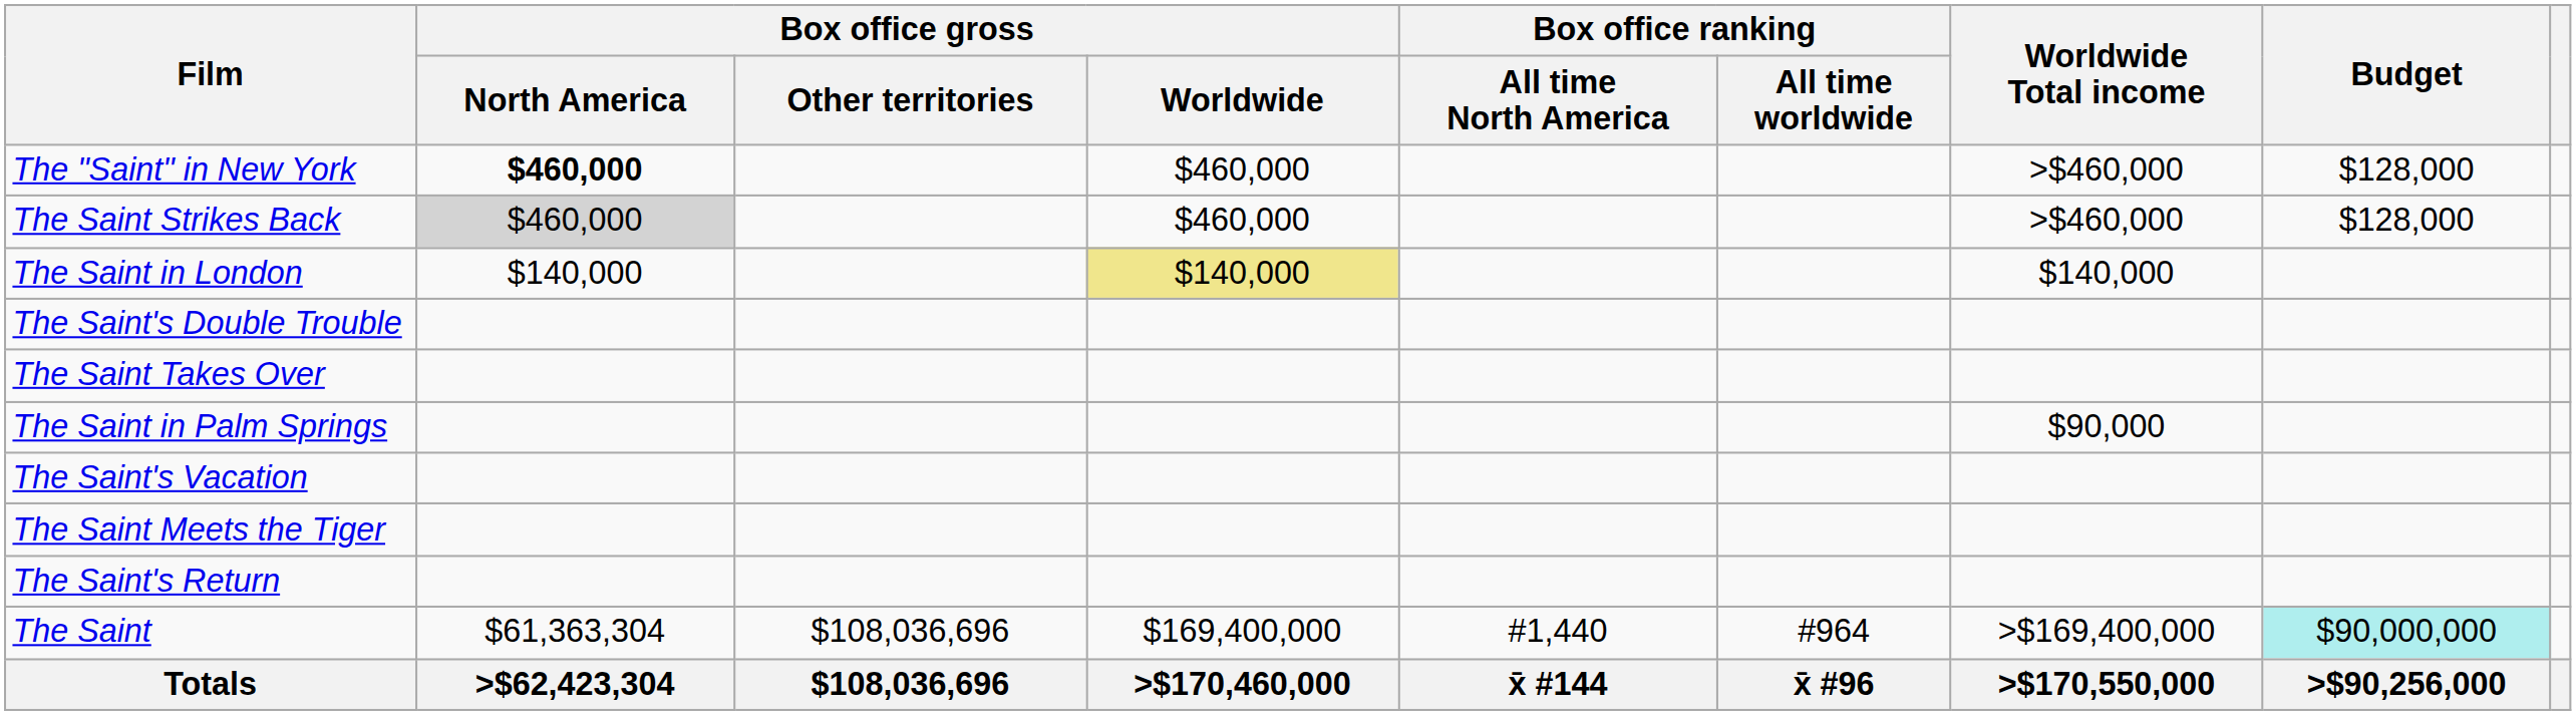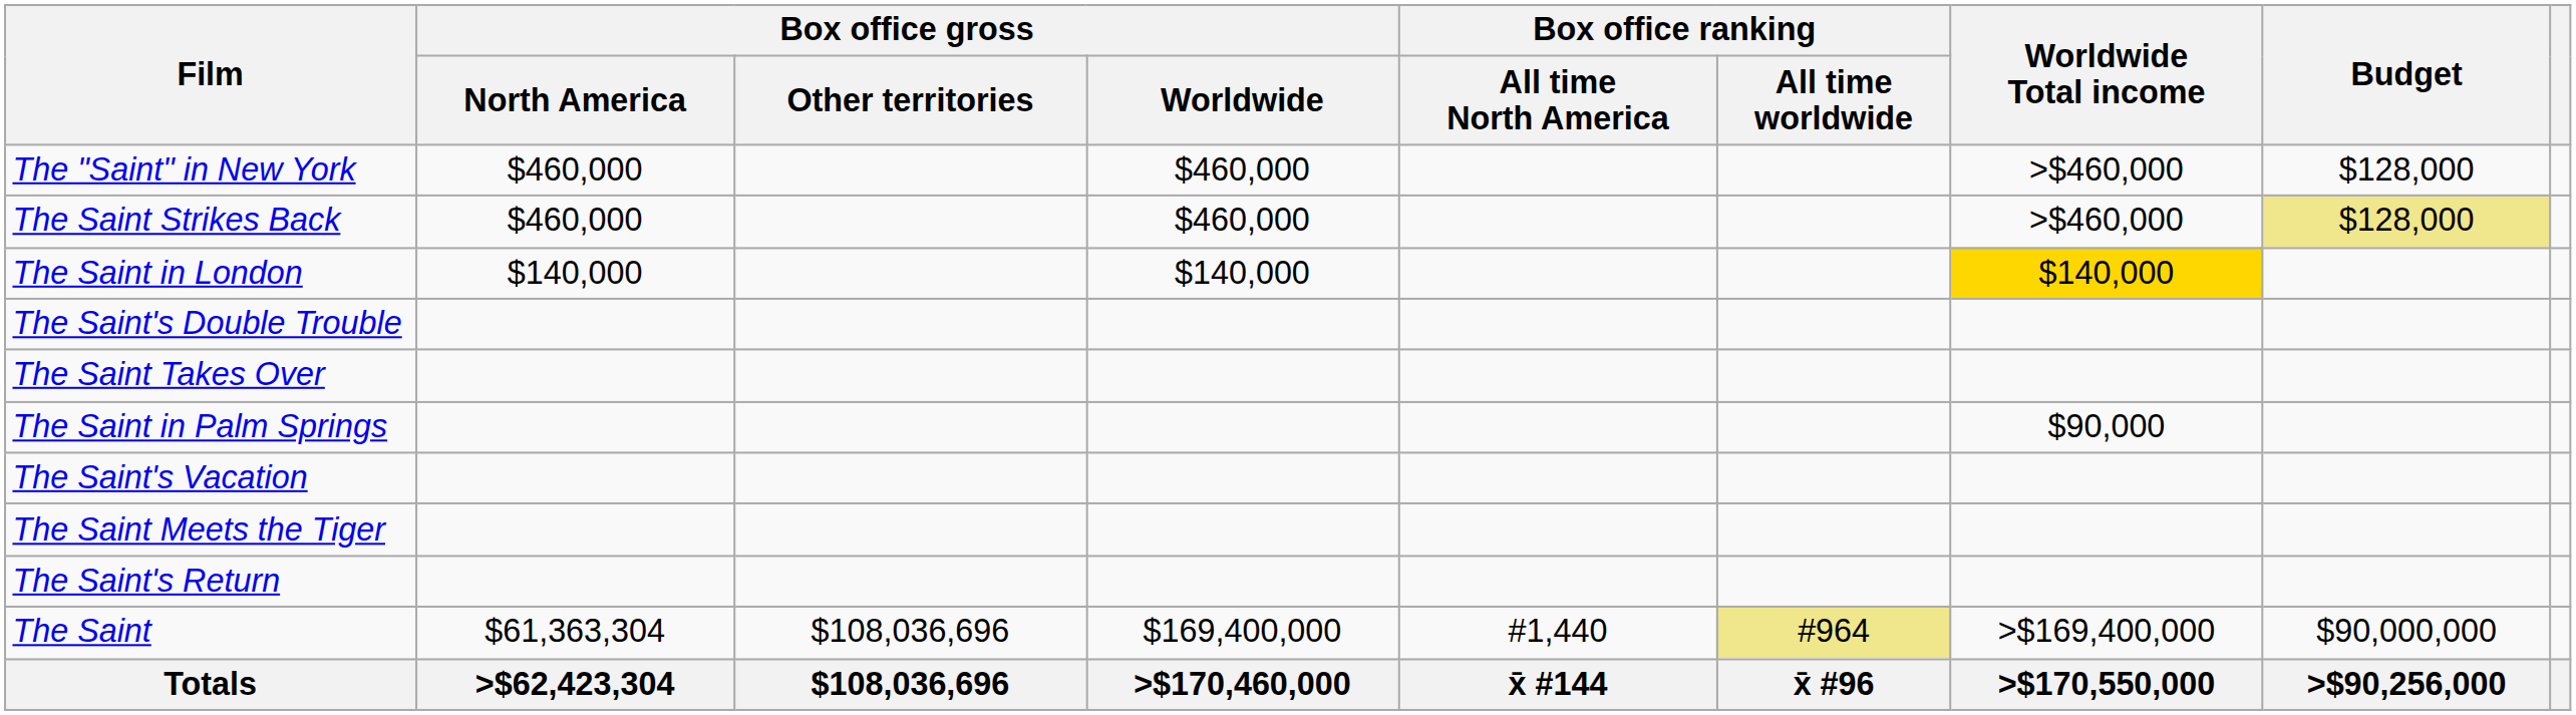 <table class="wikitable sortable" width=80% border="1" style="text-align: center;">
 <tr>
 <th rowspan="2" style="width:16%;">Film</th>
 <th colspan="3">Box office gross</th>
 <th colspan="2">Box office ranking</th>
 <th rowspan="2">Worldwide <br>Total income</th>
 <th rowspan="2">Budget</th>
 <th rowspan="2"></th>
 </tr>
 <tr>
 <th>North America</th>
 <th>Other territories</th>
 <th>Worldwide</th>
 <th>All time <br>North America</th>
 <th>All time <br>worldwide</th>
 </tr>
 <tr>
 <td style="text-align: left;"><em><a href='#'>The "Saint" in New York</a></em></td>
-<td><strong>$460,000</strong></td>
+<td>$460,000</td>
 <td></td>
 <td>$460,000</td>
 <td></td>
 <td></td>
 <td>>$460,000</td>
 <td>$128,000</td>
 <td></td>
 </tr>
 <tr>
 <td style="text-align: left;"><em><a href='#'>The Saint Strikes Back</a></em></td>
-<td style="background: lightgrey;">$460,000</td>
+<td>$460,000</td>
 <td></td>
 <td>$460,000</td>
 <td></td>
 <td></td>
 <td>>$460,000</td>
-<td>$128,000</td>
+<td style="background: khaki;">$128,000</td>
 <td></td>
 </tr>
 <tr>
 <td style="text-align: left;"><em><a href='#'>The Saint in London</a></em></td>
 <td>$140,000</td>
 <td></td>
-<td style="background: khaki;">$140,000</td>
+<td>$140,000</td>
 <td></td>
 <td></td>
-<td>$140,000</td>
+<td style="background: gold;">$140,000</td>
 <td></td>
 <td></td>
 </tr>
 <tr>
 <td style="text-align: left;"><em><a href='#'>The Saint's Double Trouble</a></em></td>
 <td></td>
 <td></td>
 <td></td>
 <td></td>
 <td></td>
 <td></td>
 <td></td>
 <td></td>
 </tr>
 <tr>
 <td style="text-align: left;"><em><a href='#'>The Saint Takes Over</a></em></td>
 <td></td>
 <td></td>
 <td></td>
 <td></td>
 <td></td>
 <td></td>
 <td></td>
 <td></td>
 </tr>
 <tr>
 <td style="text-align: left;"><em><a href='#'>The Saint in Palm Springs</a></em></td>
 <td></td>
 <td></td>
 <td></td>
 <td></td>
 <td></td>
 <td>$90,000</td>
 <td></td>
 <td></td>
 </tr>
 <tr>
 <td style="text-align: left;"><em><a href='#'>The Saint's Vacation</a></em></td>
 <td></td>
 <td></td>
 <td></td>
 <td></td>
 <td></td>
 <td></td>
 <td></td>
 <td></td>
 </tr>
 <tr>
 <td style="text-align: left;"><em><a href='#'>The Saint Meets the Tiger</a></em></td>
 <td></td>
 <td></td>
 <td></td>
 <td></td>
 <td></td>
 <td></td>
 <td></td>
 <td></td>
 </tr>
 <tr>
 <td style="text-align: left;"><em><a href='#'>The Saint's Return</a></em></td>
 <td></td>
 <td></td>
 <td></td>
 <td></td>
 <td></td>
 <td></td>
 <td></td>
 <td></td>
 </tr>
 <tr>
 <td style="text-align: left;"><em><a href='#'>The Saint</a></em></td>
 <td>$61,363,304</td>
 <td>$108,036,696</td>
 <td>$169,400,000</td>
 <td>#1,440</td>
-<td>#964</td>
+<td style="background: khaki;">#964</td>
 <td>>$169,400,000</td>
-<td style="background: paleturquoise;">$90,000,000</td>
+<td>$90,000,000</td>
 <td></td>
 </tr>
 <tr>
 <th>Totals</th>
 <th>>$62,423,304</th>
 <th>$108,036,696</th>
 <th>>$170,460,000</th>
 <th>x̄ #144</th>
 <th>x̄ #96</th>
 <th>>$170,550,000</th>
 <th>>$90,256,000</th>
 <th></th>
 </tr>
 </table>
